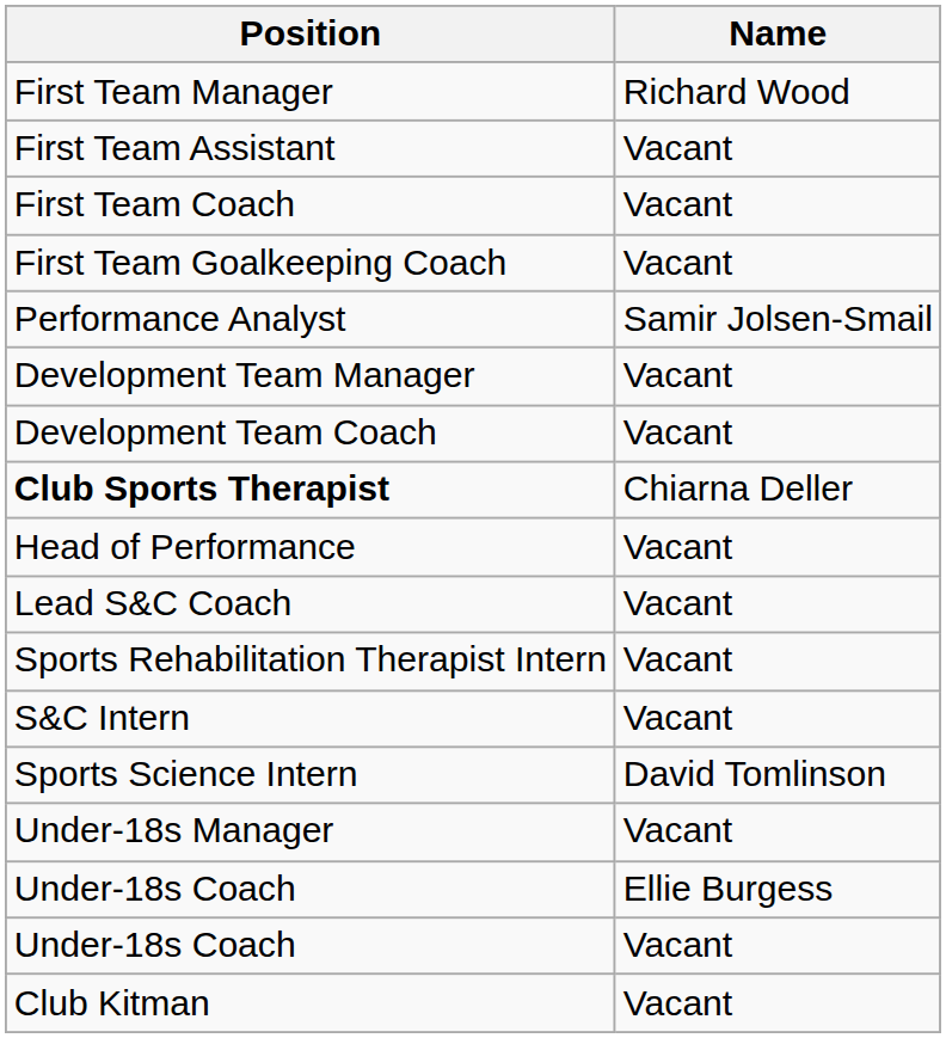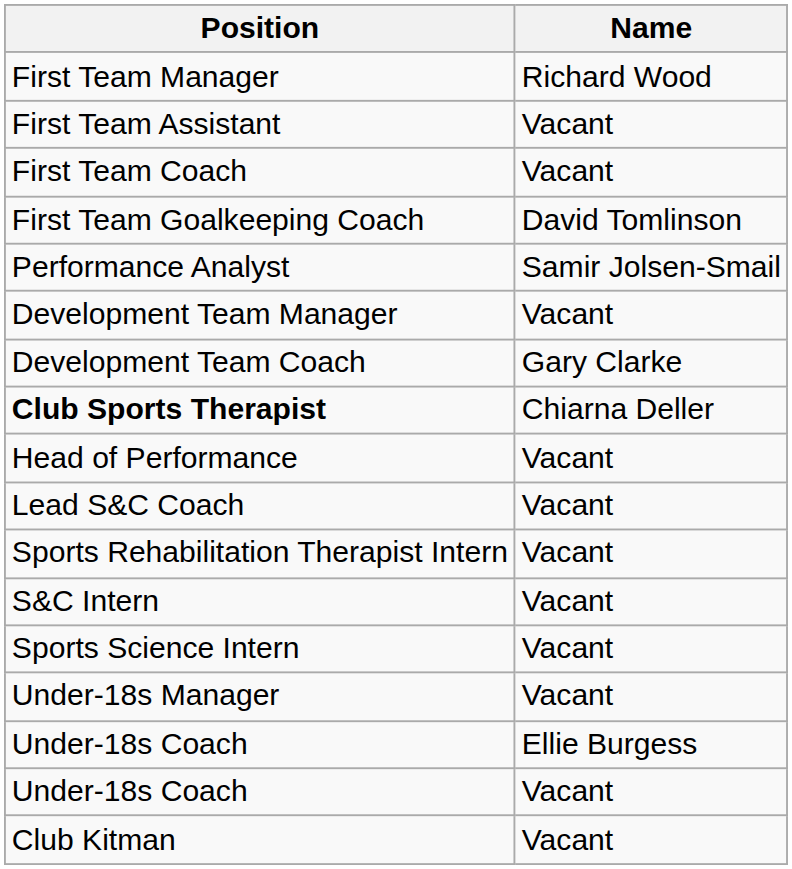 <table class="wikitable">
 <tr>
 <th>Position</th>
 <th>Name</th>
 </tr>
 <tr>
 <td>First Team Manager</td>
 <td>Richard Wood</td>
 </tr>
 <tr>
 <td>First Team Assistant</td>
 <td>Vacant</td>
 </tr>
 <tr>
 <td>First Team Coach</td>
 <td>Vacant</td>
 </tr>
 <tr>
 <td>First Team Goalkeeping Coach</td>
-<td>Vacant</td>
+<td>David Tomlinson</td>
 </tr>
 <tr>
 <td>Performance Analyst</td>
 <td>Samir Jolsen-Smail</td>
 </tr>
 <tr>
 <td>Development Team Manager</td>
 <td>Vacant</td>
 </tr>
 <tr>
 <td>Development Team Coach</td>
-<td>Vacant</td>
+<td>Gary Clarke</td>
 </tr>
 <tr>
 <td><strong>Club Sports Therapist</strong></td>
 <td>Chiarna Deller</td>
 </tr>
 <tr>
 <td>Head of Performance</td>
 <td>Vacant</td>
 </tr>
 <tr>
 <td>Lead S&C Coach</td>
 <td>Vacant</td>
 </tr>
 <tr>
 <td>Sports Rehabilitation Therapist Intern</td>
 <td>Vacant</td>
 </tr>
 <tr>
 <td>S&C Intern</td>
 <td>Vacant</td>
 </tr>
 <tr>
 <td>Sports Science Intern</td>
-<td>David Tomlinson</td>
+<td>Vacant</td>
 </tr>
 <tr>
 <td>Under-18s Manager</td>
 <td>Vacant</td>
 </tr>
 <tr>
 <td>Under-18s Coach</td>
 <td>Ellie Burgess</td>
 </tr>
 <tr>
 <td>Under-18s Coach</td>
 <td>Vacant</td>
 </tr>
 <tr>
 <td>Club Kitman</td>
 <td>Vacant</td>
 </tr>
 </table>
